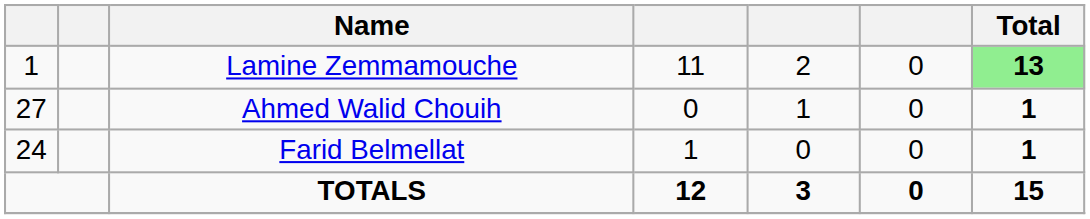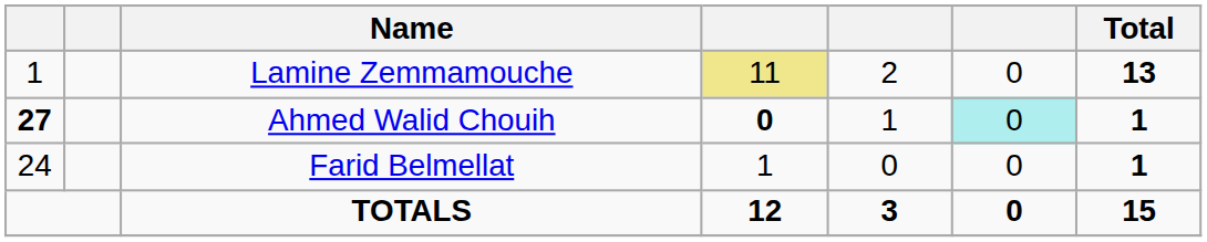 <table class="wikitable sortable alternance"  style="font-size:85%; text-align:center; line-height:14px; width:60%;">
 <tr>
 <th width=15></th>
 <th width=15></th>
 <th width=210>Name</th>
 <th width=40></th>
 <th width=40></th>
 <th width=40></th>
 <th width=40>Total</th>
 </tr>
 <tr>
 <td>1</td>
 <td></td>
 <td><a href='#'>Lamine Zemmamouche</a></td>
-<td>11</td>
+<td style="background: khaki;">11</td>
 <td>2</td>
 <td>0</td>
-<td style="background: lightgreen;"><strong>13</strong></td>
+<td><strong>13</strong></td>
 </tr>
 <tr>
-<td>27</td>
+<td><strong>27</strong></td>
 <td></td>
 <td><a href='#'>Ahmed Walid Chouih</a></td>
-<td>0</td>
+<td><strong>0</strong></td>
 <td>1</td>
-<td>0</td>
+<td style="background: paleturquoise;">0</td>
 <td><strong>1</strong></td>
 </tr>
 <tr>
 <td>24</td>
 <td></td>
 <td><a href='#'>Farid Belmellat</a></td>
 <td>1</td>
 <td>0</td>
 <td>0</td>
 <td><strong>1</strong></td>
 </tr>
 <tr>
 <td colspan="2"></td>
 <td><strong>TOTALS</strong></td>
 <td><strong>12</strong></td>
 <td><strong>3</strong></td>
 <td><strong>0</strong></td>
 <td><strong>15</strong></td>
 </tr>
 <tr>
 </tr>
 </table>
